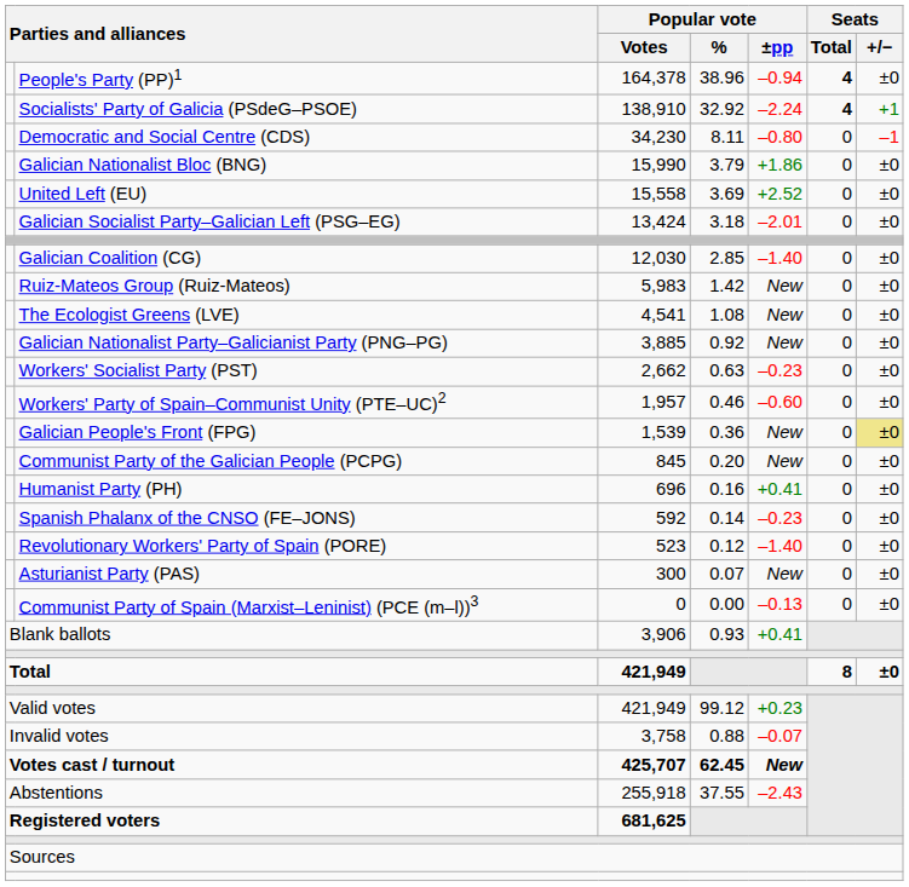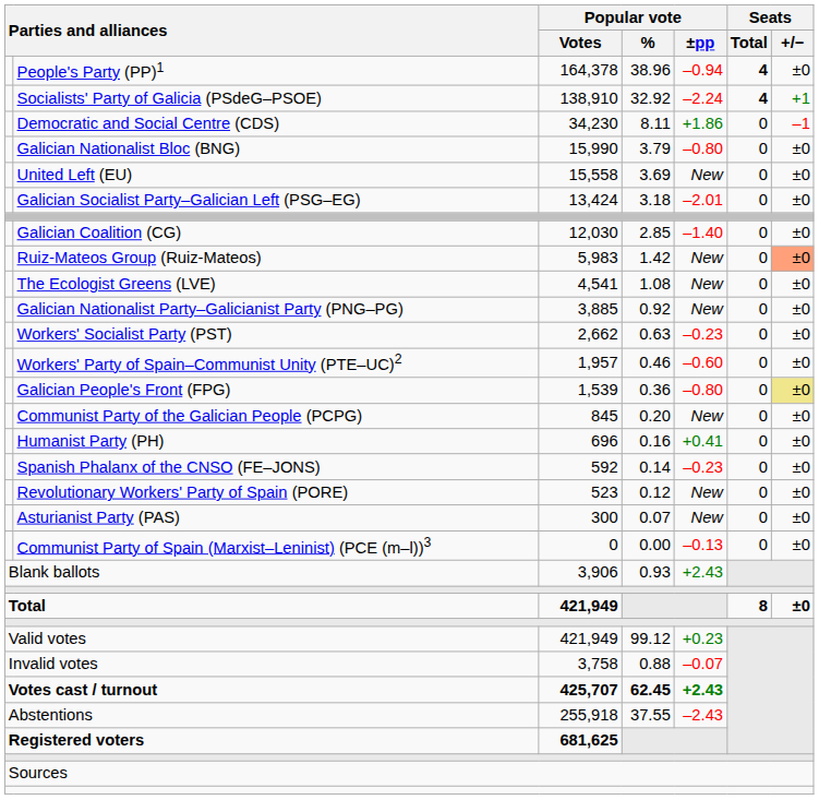 <table class="wikitable" style="text-align:right;">
 <tr>
 <th style="text-align:left;" rowspan="2" colspan="2" width="525">Parties and alliances</th>
 <th colspan="3">Popular vote</th>
 <th colspan="2">Seats</th>
 </tr>
 <tr>
 <th width="75">Votes</th>
 <th width="45">%</th>
 <th width="45">±<a href='#'>pp</a></th>
 <th width="35">Total</th>
 <th width="35">+/−</th>
 </tr>
 <tr>
 <td width="1" style="color:inherit;background:"></td>
 <td align="left"><a href='#'>People's Party</a> (PP)<sup>1</sup></td>
 <td>164,378</td>
 <td>38.96</td>
 <td style="color:red;">–0.94</td>
 <td><strong>4</strong></td>
 <td>±0</td>
 </tr>
 <tr>
 <td style="color:inherit;background:"></td>
 <td align="left"><a href='#'>Socialists' Party of Galicia</a> (PSdeG–PSOE)</td>
 <td>138,910</td>
 <td>32.92</td>
 <td style="color:red;">–2.24</td>
 <td><strong>4</strong></td>
 <td style="color:green;">+1</td>
 </tr>
 <tr>
 <td style="color:inherit;background:"></td>
 <td align="left"><a href='#'>Democratic and Social Centre</a> (CDS)</td>
 <td>34,230</td>
 <td>8.11</td>
-<td style="color:red;">–0.80</td>
+<td style="color:green;">+1.86</td>
 <td>0</td>
 <td style="color:red;">–1</td>
 </tr>
 <tr>
 <td style="color:inherit;background:"></td>
 <td align="left"><a href='#'>Galician Nationalist Bloc</a> (BNG)</td>
 <td>15,990</td>
 <td>3.79</td>
-<td style="color:green;">+1.86</td>
+<td style="color:red;">–0.80</td>
 <td>0</td>
 <td>±0</td>
 </tr>
 <tr>
 <td style="color:inherit;background:"></td>
 <td align="left"><a href='#'>United Left</a> (EU)</td>
 <td>15,558</td>
 <td>3.69</td>
-<td style="color:green;">+2.52</td>
+<td><em>New</em></td>
 <td>0</td>
 <td>±0</td>
 </tr>
 <tr>
 <td style="color:inherit;background:"></td>
 <td align="left"><a href='#'>Galician Socialist Party–Galician Left</a> (PSG–EG)</td>
 <td>13,424</td>
 <td>3.18</td>
 <td style="color:red;">–2.01</td>
 <td>0</td>
 <td>±0</td>
 </tr>
 <tr>
 <td colspan="7" bgcolor="#C0C0C0"></td>
 </tr>
 <tr>
 <td style="color:inherit;background:"></td>
 <td align="left"><a href='#'>Galician Coalition</a> (CG)</td>
 <td>12,030</td>
 <td>2.85</td>
 <td style="color:red;">–1.40</td>
 <td>0</td>
 <td>±0</td>
 </tr>
 <tr>
 <td style="color:inherit;background:"></td>
 <td align="left"><a href='#'>Ruiz-Mateos Group</a> (Ruiz-Mateos)</td>
 <td>5,983</td>
 <td>1.42</td>
 <td><em>New</em></td>
 <td>0</td>
-<td>±0</td>
+<td style="background: lightsalmon;">±0</td>
 </tr>
 <tr>
 <td style="color:inherit;background:"></td>
 <td align="left"><a href='#'>The Ecologist Greens</a> (LVE)</td>
 <td>4,541</td>
 <td>1.08</td>
 <td><em>New</em></td>
 <td>0</td>
 <td>±0</td>
 </tr>
 <tr>
 <td style="color:inherit;background:"></td>
 <td align="left"><a href='#'>Galician Nationalist Party–Galicianist Party</a> (PNG–PG)</td>
 <td>3,885</td>
 <td>0.92</td>
 <td><em>New</em></td>
 <td>0</td>
 <td>±0</td>
 </tr>
 <tr>
 <td style="color:inherit;background:"></td>
 <td align="left"><a href='#'>Workers' Socialist Party</a> (PST)</td>
 <td>2,662</td>
 <td>0.63</td>
 <td style="color:red;">–0.23</td>
 <td>0</td>
 <td>±0</td>
 </tr>
 <tr>
 <td style="color:inherit;background:"></td>
 <td align="left"><a href='#'>Workers' Party of Spain–Communist Unity</a> (PTE–UC)<sup>2</sup></td>
 <td>1,957</td>
 <td>0.46</td>
 <td style="color:red;">–0.60</td>
 <td>0</td>
 <td>±0</td>
 </tr>
 <tr>
 <td style="color:inherit;background:"></td>
 <td align="left"><a href='#'>Galician People's Front</a> (FPG)</td>
 <td>1,539</td>
 <td>0.36</td>
-<td><em>New</em></td>
+<td style="color:red;">–0.80</td>
 <td>0</td>
 <td style="background: khaki;">±0</td>
 </tr>
 <tr>
 <td style="color:inherit;background:"></td>
 <td align="left"><a href='#'>Communist Party of the Galician People</a> (PCPG)</td>
 <td>845</td>
 <td>0.20</td>
 <td><em>New</em></td>
 <td>0</td>
 <td>±0</td>
 </tr>
 <tr>
 <td style="color:inherit;background:"></td>
 <td align="left"><a href='#'>Humanist Party</a> (PH)</td>
 <td>696</td>
 <td>0.16</td>
 <td style="color:green;">+0.41</td>
 <td>0</td>
 <td>±0</td>
 </tr>
 <tr>
 <td style="color:inherit;background:"></td>
 <td align="left"><a href='#'>Spanish Phalanx of the CNSO</a> (FE–JONS)</td>
 <td>592</td>
 <td>0.14</td>
 <td style="color:red;">–0.23</td>
 <td>0</td>
 <td>±0</td>
 </tr>
 <tr>
 <td style="color:inherit;background:"></td>
 <td align="left"><a href='#'>Revolutionary Workers' Party of Spain</a> (PORE)</td>
 <td>523</td>
 <td>0.12</td>
-<td style="color:red;">–1.40</td>
+<td><em>New</em></td>
 <td>0</td>
 <td>±0</td>
 </tr>
 <tr>
 <td style="color:inherit;background:"></td>
 <td align="left"><a href='#'>Asturianist Party</a> (PAS)</td>
 <td>300</td>
 <td>0.07</td>
 <td><em>New</em></td>
 <td>0</td>
 <td>±0</td>
 </tr>
 <tr>
 <td style="color:inherit;background:"></td>
 <td align="left"><a href='#'>Communist Party of Spain (Marxist–Leninist)</a> (PCE (m–l))<sup>3</sup></td>
 <td>0</td>
 <td>0.00</td>
 <td style="color:red;">–0.13</td>
 <td>0</td>
 <td>±0</td>
 </tr>
 <tr>
 <td align="left" colspan="2">Blank ballots</td>
 <td>3,906</td>
 <td>0.93</td>
-<td style="color:green;">+0.41</td>
+<td style="color:green;">+2.43</td>
 <td bgcolor="#E9E9E9" colspan="2"></td>
 </tr>
 <tr>
 <td colspan="7" bgcolor="#E9E9E9"></td>
 </tr>
 <tr style="font-weight:bold;">
 <td align="left" colspan="2">Total</td>
 <td>421,949</td>
 <td bgcolor="#E9E9E9" colspan="2"></td>
 <td>8</td>
 <td>±0</td>
 </tr>
 <tr>
 <td colspan="7" bgcolor="#E9E9E9"></td>
 </tr>
 <tr>
 <td align="left" colspan="2">Valid votes</td>
 <td>421,949</td>
 <td>99.12</td>
 <td style="color:green;">+0.23</td>
 <td bgcolor="#E9E9E9" colspan="2" rowspan="5"></td>
 </tr>
 <tr>
 <td align="left" colspan="2">Invalid votes</td>
 <td>3,758</td>
 <td>0.88</td>
 <td style="color:red;">–0.07</td>
 </tr>
 <tr style="font-weight:bold;">
 <td align="left" colspan="2">Votes cast / turnout</td>
 <td>425,707</td>
 <td>62.45</td>
-<td><em>New</em></td>
+<td style="color:green;">+2.43</td>
 </tr>
 <tr>
 <td align="left" colspan="2">Abstentions</td>
 <td>255,918</td>
 <td>37.55</td>
 <td style="color:red;">–2.43</td>
 </tr>
 <tr style="font-weight:bold;">
 <td align="left" colspan="2">Registered voters</td>
 <td>681,625</td>
 <td bgcolor="#E9E9E9" colspan="2"></td>
 </tr>
 <tr>
 <td colspan="7" bgcolor="#E9E9E9"></td>
 </tr>
 <tr>
 <td align="left" colspan="7">Sources</td>
 </tr>
 <tr>
 <td colspan="7" style="text-align:left; max-width:790px;"></td>
 </tr>
 </table>
